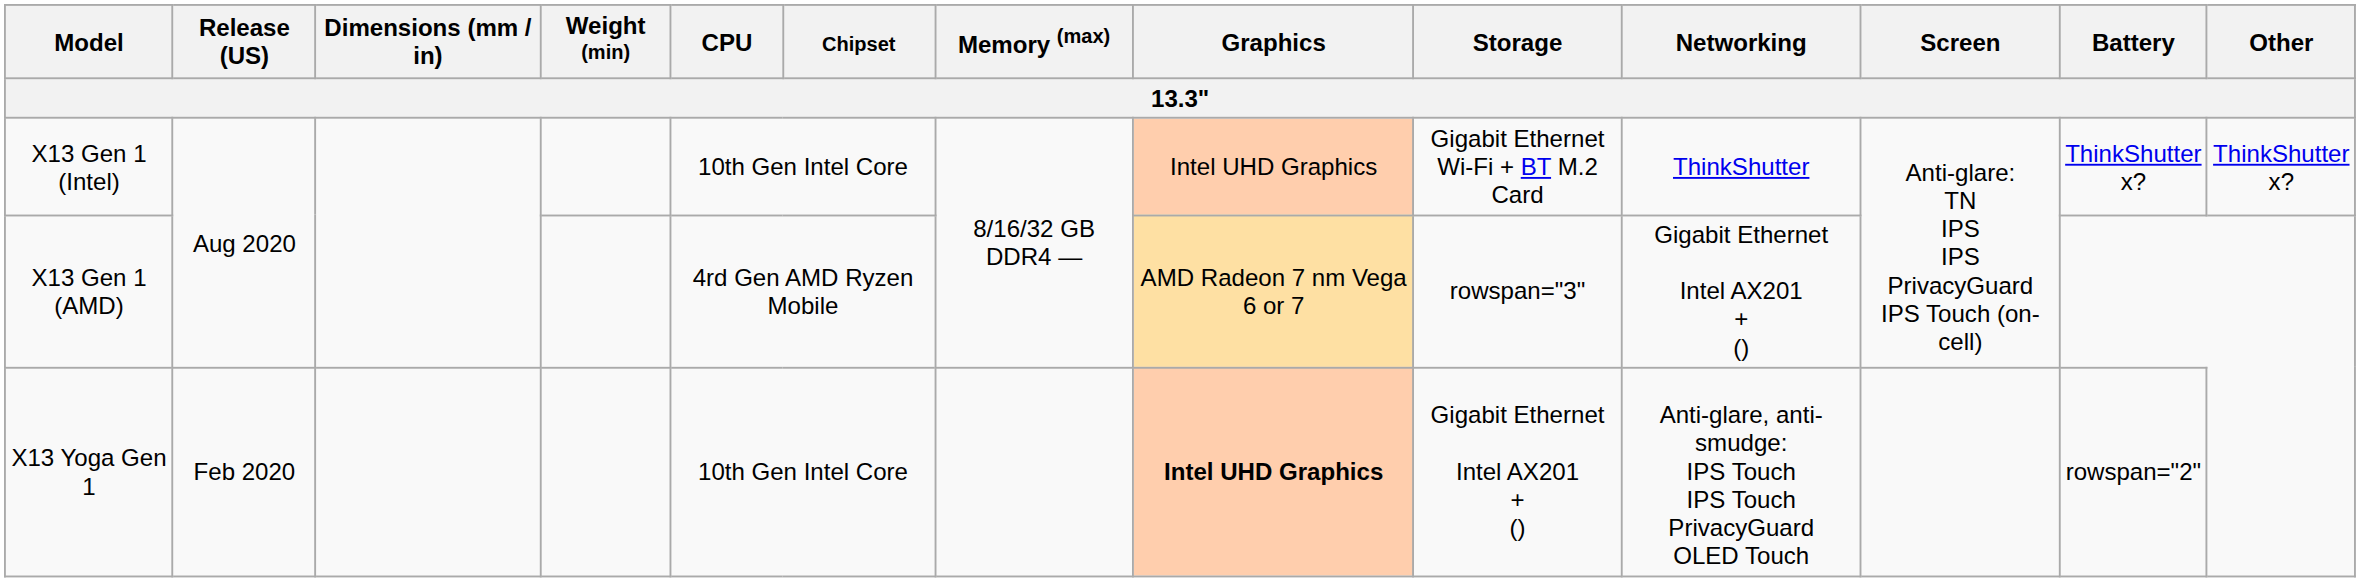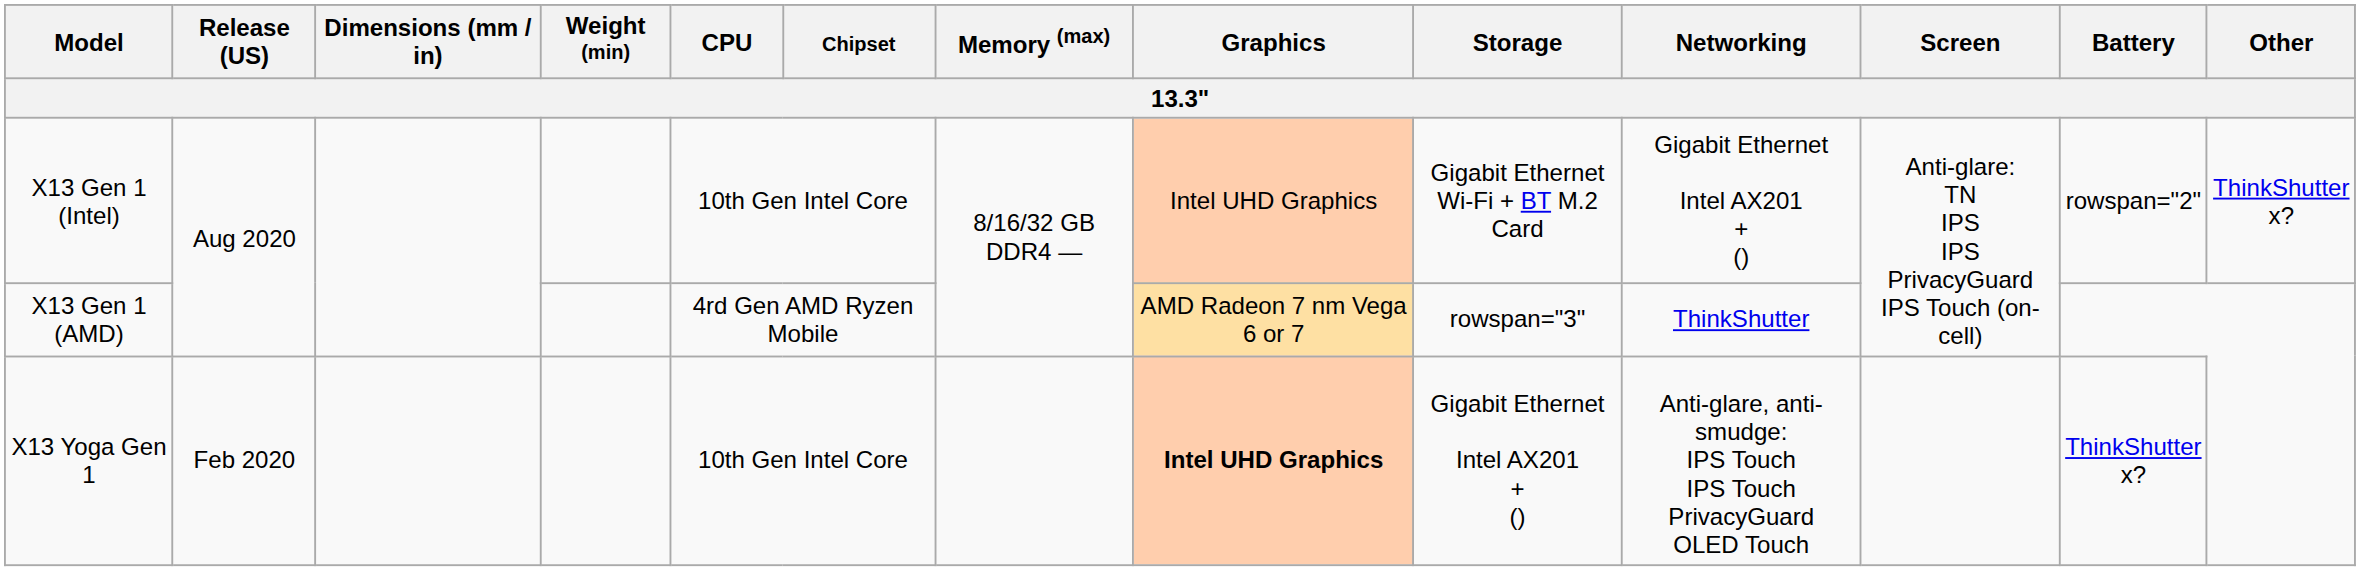 <table class="wikitable" style="font-size: 80%; text-align: center; min-width: 80%;">
 <tr>
 <th>Model</th>
 <th>Release (US)</th>
 <th>Dimensions (mm / in)</th>
 <th>Weight <sup>(min)</sup></th>
 <th>CPU</th>
 <th><small>Chipset</small></th>
 <th>Memory <sup>(max)</sup></th>
 <th>Graphics</th>
 <th>Storage</th>
 <th>Networking</th>
 <th>Screen</th>
 <th>Battery</th>
 <th>Other</th>
 </tr>
 <tr>
 <th colspan=13>13.3"</th>
 </tr>
 <tr>
 <td>X13 Gen 1 (Intel) </td>
 <td rowspan="2">Aug 2020</td>
 <td rowspan="2"></td>
 <td></td>
 <td colspan="2" style="background:">10th Gen Intel Core</td>
 <td rowspan="2" style="background:">8/16/32 GB DDR4 — <br></td>
 <td style="background:#ffcead;">Intel UHD Graphics</td>
 <td> Gigabit Ethernet<br>Wi-Fi + <a href='#'>BT</a> M.2 Card<br><small></small></td>
-<td><a href='#'>ThinkShutter</a><br></td>
+<td> Gigabit Ethernet<br><br>Intel  AX201 <br>+ <br> ()<br><small></small></td>
 <td rowspan="2" ><br>Anti-glare: <br>  TN<br> IPS<br> IPS PrivacyGuard<br> IPS Touch (on-cell)</td>
-<td><a href='#'>ThinkShutter</a><br> x?</td>
+<td>rowspan="2" </td>
 <td><a href='#'>ThinkShutter</a><br> x?</td>
 </tr>
 <tr>
 <td>X13 Gen 1 (AMD) </td>
 <td></td>
 <td colspan="2" style="background:">4rd Gen AMD Ryzen Mobile</td>
 <td style="background:#fee0a3;">AMD Radeon 7 nm Vega 6 or 7</td>
 <td>rowspan="3" </td>
-<td> Gigabit Ethernet<br><br>Intel  AX201 <br>+ <br> ()<br><small></small></td>
+<td><a href='#'>ThinkShutter</a><br></td>
 </tr>
 <tr>
 <td>X13 Yoga Gen 1 </td>
 <td>Feb 2020</td>
 <td></td>
 <td></td>
 <td colspan="2" style="background:">10th Gen Intel Core</td>
 <td></td>
 <td style="background:#ffcead;"><strong>Intel UHD Graphics</strong></td>
 <td> Gigabit Ethernet<br><br>Intel  AX201 <br>+ <br> ()<br><small></small></td>
 <td style="background:"><br>Anti-glare, anti-smudge: <br>  IPS Touch<br> IPS Touch PrivacyGuard<br> OLED Touch</td>
 <td></td>
-<td>rowspan="2" </td>
+<td><a href='#'>ThinkShutter</a><br> x?</td>
 </tr>
 </table>
